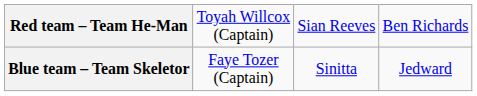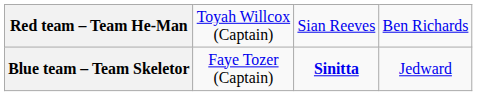 <table class="wikitable" style="text-align:center">
 <tr>
 <th scope="row">Red team – Team He-Man</th>
 <td><a href='#'>Toyah Willcox</a><br>(Captain)</td>
 <td><a href='#'>Sian Reeves</a></td>
 <td><a href='#'>Ben Richards</a></td>
 </tr>
 <tr>
 <th scope="row">Blue team – Team Skeletor</th>
 <td><a href='#'>Faye Tozer</a><br>(Captain)</td>
-<td><a href='#'>Sinitta</a></td>
+<td><strong><a href='#'>Sinitta</a></strong></td>
 <td><a href='#'>Jedward</a></td>
 </tr>
 </table>
